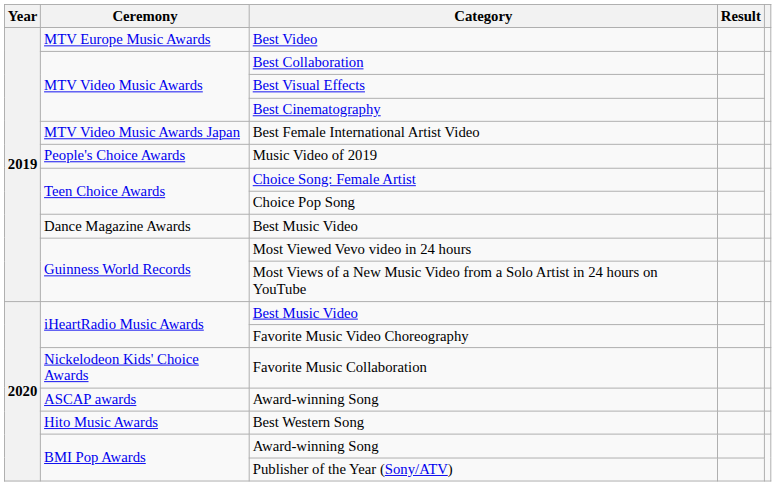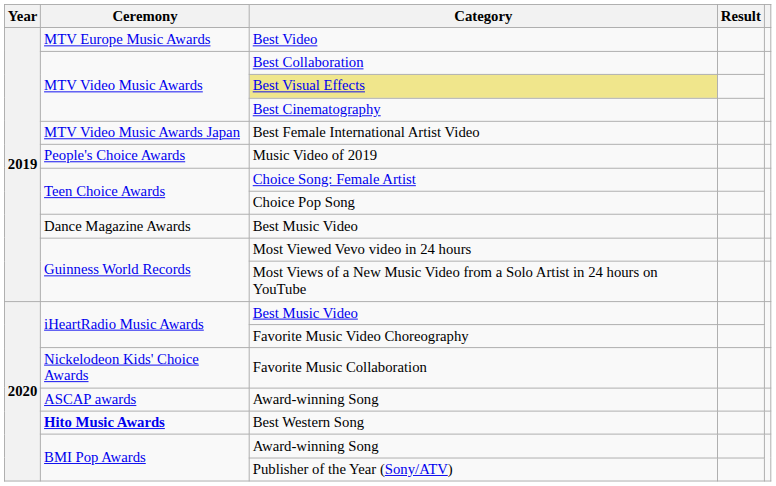 <table class="wikitable sortable plainrowheaders" style="width: 66%;">
 <tr>
 <th scope="col">Year</th>
 <th scope="col">Ceremony</th>
 <th scope="col">Category</th>
 <th scope="col">Result</th>
 <th scope="col" class="unsortable"></th>
 </tr>
 <tr>
 <th rowspan="11" scope="row">2019</th>
 <td><a href='#'>MTV Europe Music Awards</a></td>
 <td><a href='#'>Best Video</a></td>
 <td></td>
 <td style="text-align:center;"></td>
 </tr>
 <tr>
 <td rowspan="3"><a href='#'>MTV Video Music Awards</a></td>
 <td><a href='#'>Best Collaboration</a></td>
 <td></td>
 <td style="text-align:center;" rowspan="3"></td>
 </tr>
 <tr>
-<td><a href='#'>Best Visual Effects</a></td>
+<td style="background: khaki;"><a href='#'>Best Visual Effects</a></td>
 <td></td>
 </tr>
 <tr>
 <td><a href='#'>Best Cinematography</a></td>
 <td></td>
 </tr>
 <tr>
 <td rowspan="1"><a href='#'>MTV Video Music Awards Japan</a></td>
 <td>Best Female International Artist Video</td>
 <td></td>
 <td style="text-align:center;" rowspan="1"></td>
 </tr>
 <tr>
 <td><a href='#'>People's Choice Awards</a></td>
 <td>Music Video of 2019</td>
 <td></td>
 <td style="text-align:center;"></td>
 </tr>
 <tr>
 <td rowspan="2"><a href='#'>Teen Choice Awards</a></td>
 <td><a href='#'>Choice Song: Female Artist</a></td>
 <td></td>
 <td style="text-align:center;" rowspan="2"></td>
 </tr>
 <tr>
 <td>Choice Pop Song</td>
 <td></td>
 </tr>
 <tr>
 <td>Dance Magazine Awards</td>
 <td>Best Music Video</td>
 <td></td>
 <td align="center"></td>
 </tr>
 <tr>
 <td rowspan=2><a href='#'>Guinness World Records</a></td>
 <td>Most Viewed Vevo video in 24 hours</td>
 <td></td>
 <td style="text-align:center;"></td>
 </tr>
 <tr>
 <td>Most Views of a New Music Video from a Solo Artist in 24 hours on YouTube</td>
 <td></td>
 <td style="text-align:center;"></td>
 </tr>
 <tr>
 <th rowspan="7" scope="row">2020</th>
 <td rowspan="2"><a href='#'>iHeartRadio Music Awards</a></td>
 <td><a href='#'>Best Music Video</a></td>
 <td></td>
 <td align="center" rowspan="2"></td>
 </tr>
 <tr>
 <td>Favorite Music Video Choreography</td>
 <td></td>
 </tr>
 <tr>
 <td><a href='#'>Nickelodeon Kids' Choice Awards</a></td>
 <td>Favorite Music Collaboration</td>
 <td></td>
 <td align="center"></td>
 </tr>
 <tr>
 <td><a href='#'>ASCAP awards</a></td>
 <td>Award-winning Song</td>
 <td></td>
 <td align="center"></td>
 </tr>
 <tr>
-<td><a href='#'>Hito Music Awards</a></td>
+<td><strong><a href='#'>Hito Music Awards</a></strong></td>
 <td>Best Western Song</td>
 <td></td>
 <td align="center"></td>
 </tr>
 <tr>
 <td rowspan="2"><a href='#'>BMI Pop Awards</a></td>
 <td>Award-winning Song</td>
 <td></td>
 <td rowspan="2"align="center"></td>
 </tr>
 <tr>
 <td>Publisher of the Year (<a href='#'>Sony/ATV</a>)</td>
 <td></td>
 </tr>
 </table>
